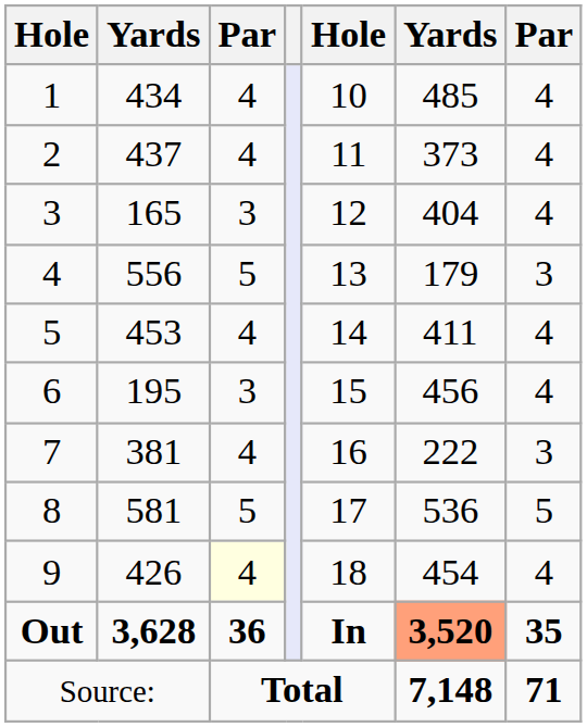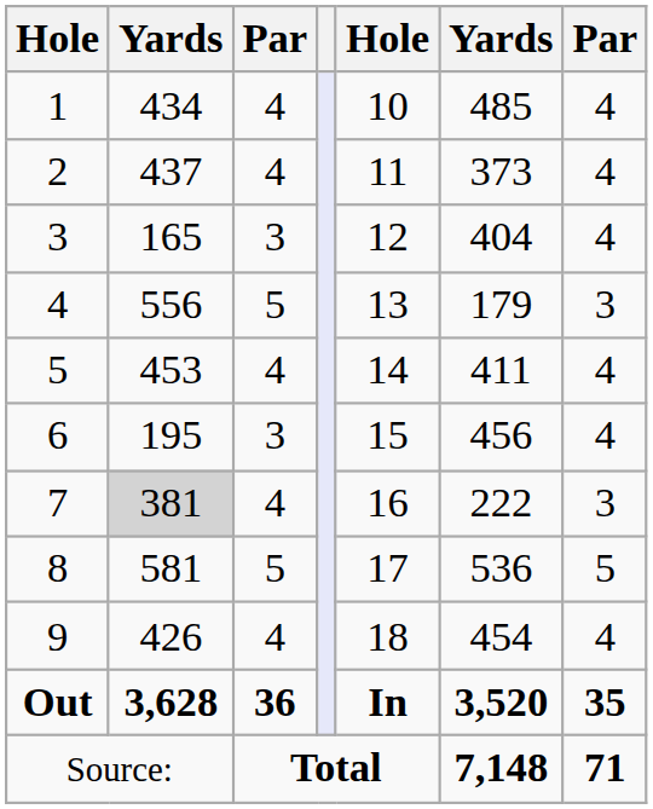 <table class="wikitable" style="text-align:center; font-size:100%;">
 <tr>
 <th>Hole</th>
 <th>Yards</th>
 <th>Par</th>
 <th></th>
 <th>Hole</th>
 <th>Yards</th>
 <th>Par</th>
 </tr>
 <tr>
 <td>1</td>
 <td>434</td>
 <td>4</td>
 <td rowspan=10 style="background:#E6E8FA;"></td>
 <td>10</td>
 <td>485</td>
 <td>4</td>
 </tr>
 <tr>
 <td>2</td>
 <td>437</td>
 <td>4</td>
 <td>11</td>
 <td>373</td>
 <td>4</td>
 </tr>
 <tr>
 <td>3</td>
 <td>165</td>
 <td>3</td>
 <td>12</td>
 <td>404</td>
 <td>4</td>
 </tr>
 <tr>
 <td>4</td>
 <td>556</td>
 <td>5</td>
 <td>13</td>
 <td>179</td>
 <td>3</td>
 </tr>
 <tr>
 <td>5</td>
 <td>453</td>
 <td>4</td>
 <td>14</td>
 <td>411</td>
 <td>4</td>
 </tr>
 <tr>
 <td>6</td>
 <td>195</td>
 <td>3</td>
 <td>15</td>
 <td>456</td>
 <td>4</td>
 </tr>
 <tr>
 <td>7</td>
-<td>381</td>
+<td style="background: lightgrey;">381</td>
 <td>4</td>
 <td>16</td>
 <td>222</td>
 <td>3</td>
 </tr>
 <tr>
 <td>8</td>
 <td>581</td>
 <td>5</td>
 <td>17</td>
 <td>536</td>
 <td>5</td>
 </tr>
 <tr>
 <td>9</td>
 <td>426</td>
-<td style="background: lightyellow;">4</td>
+<td>4</td>
 <td>18</td>
 <td>454</td>
 <td>4</td>
 </tr>
 <tr>
 <td><strong>Out</strong></td>
 <td><strong>3,628</strong></td>
 <td><strong>36</strong></td>
 <td><strong>In</strong></td>
-<td style="background: lightsalmon;"><strong>3,520</strong></td>
+<td><strong>3,520</strong></td>
 <td><strong>35</strong></td>
 </tr>
 <tr>
 <td colspan=2><small>Source:</small></td>
 <td colspan=3><strong>Total</strong></td>
 <td><strong>7,148</strong></td>
 <td><strong>71</strong></td>
 </tr>
 </table>
